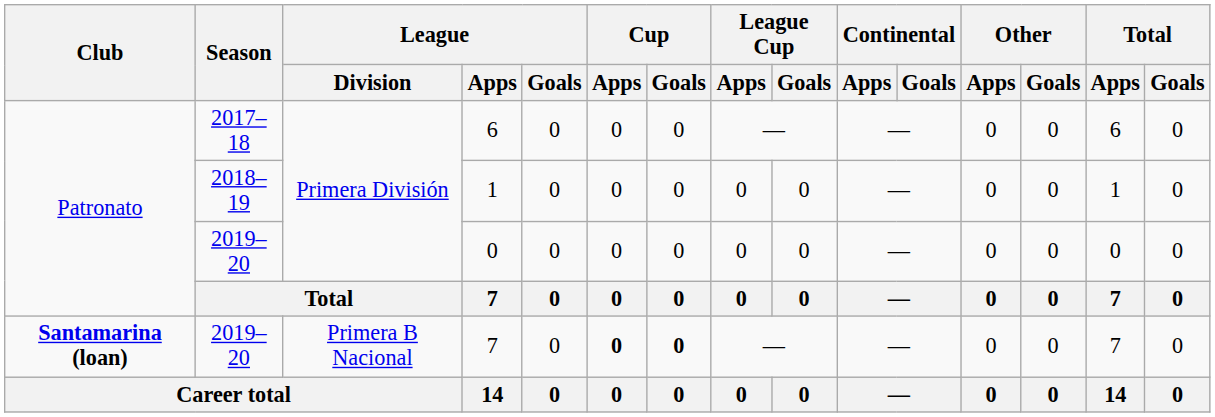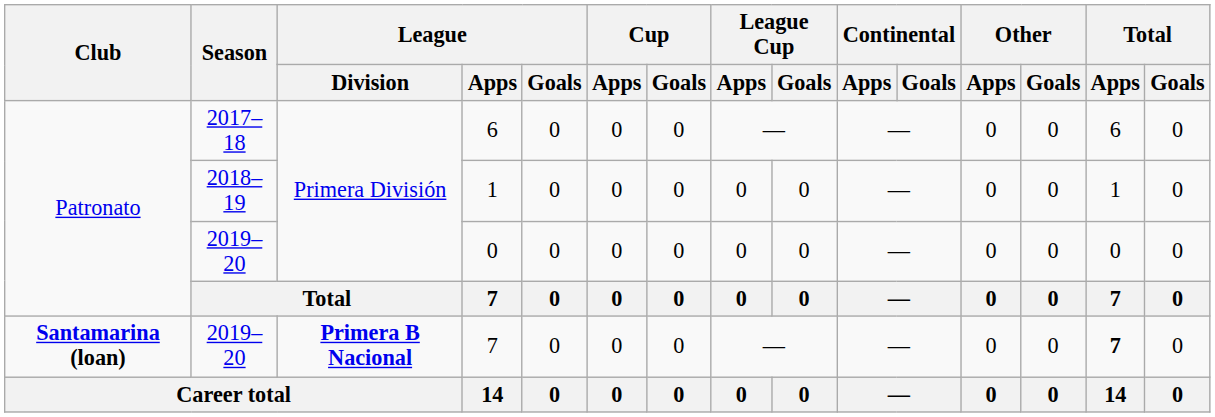 <table class="wikitable" style="text-align:center">
 <tr>
 <th rowspan="2">Club</th>
 <th rowspan="2">Season</th>
 <th colspan="3">League</th>
 <th colspan="2">Cup</th>
 <th colspan="2">League Cup</th>
 <th colspan="2">Continental</th>
 <th colspan="2">Other</th>
 <th colspan="2">Total</th>
 </tr>
 <tr>
 <th>Division</th>
 <th>Apps</th>
 <th>Goals</th>
 <th>Apps</th>
 <th>Goals</th>
 <th>Apps</th>
 <th>Goals</th>
 <th>Apps</th>
 <th>Goals</th>
 <th>Apps</th>
 <th>Goals</th>
 <th>Apps</th>
 <th>Goals</th>
 </tr>
 <tr>
 <td rowspan="4"><a href='#'>Patronato</a></td>
 <td><a href='#'>2017–18</a></td>
 <td rowspan="3"><a href='#'>Primera División</a></td>
 <td>6</td>
 <td>0</td>
 <td>0</td>
 <td>0</td>
 <td colspan="2">—</td>
 <td colspan="2">—</td>
 <td>0</td>
 <td>0</td>
 <td>6</td>
 <td>0</td>
 </tr>
 <tr>
 <td><a href='#'>2018–19</a></td>
 <td>1</td>
 <td>0</td>
 <td>0</td>
 <td>0</td>
 <td>0</td>
 <td>0</td>
 <td colspan="2">—</td>
 <td>0</td>
 <td>0</td>
 <td>1</td>
 <td>0</td>
 </tr>
 <tr>
 <td><a href='#'>2019–20</a></td>
 <td>0</td>
 <td>0</td>
 <td>0</td>
 <td>0</td>
 <td>0</td>
 <td>0</td>
 <td colspan="2">—</td>
 <td>0</td>
 <td>0</td>
 <td>0</td>
 <td>0</td>
 </tr>
 <tr>
 <th colspan="2">Total</th>
 <th>7</th>
 <th>0</th>
 <th>0</th>
 <th>0</th>
 <th>0</th>
 <th>0</th>
 <th colspan="2">—</th>
 <th>0</th>
 <th>0</th>
 <th>7</th>
 <th>0</th>
 </tr>
 <tr>
 <td rowspan="1"><strong><a href='#'>Santamarina</a> (loan)</strong></td>
 <td><a href='#'>2019–20</a></td>
-<td rowspan="1"><a href='#'>Primera B Nacional</a></td>
+<td rowspan="1"><strong><a href='#'>Primera B Nacional</a></strong></td>
 <td>7</td>
 <td>0</td>
-<td><strong>0</strong></td>
-<td><strong>0</strong></td>
+<td>0</td>
+<td>0</td>
 <td colspan="2">—</td>
 <td colspan="2">—</td>
 <td>0</td>
 <td>0</td>
-<td>7</td>
+<td><strong>7</strong></td>
 <td>0</td>
 </tr>
 <tr>
 <th colspan="3">Career total</th>
 <th>14</th>
 <th>0</th>
 <th>0</th>
 <th>0</th>
 <th>0</th>
 <th>0</th>
 <th colspan="2">—</th>
 <th>0</th>
 <th>0</th>
 <th>14</th>
 <th>0</th>
 </tr>
 </table>
